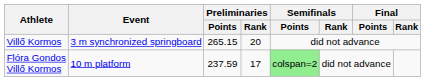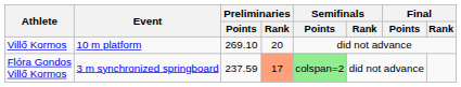 <table class=wikitable style="font-size:90%;">
 <tr>
 <th rowspan="2">Athlete</th>
 <th rowspan="2">Event</th>
 <th colspan="2">Preliminaries</th>
 <th colspan="2">Semifinals</th>
 <th colspan="2">Final</th>
 </tr>
 <tr style="font-size:95%">
 <th>Points</th>
 <th>Rank</th>
 <th>Points</th>
 <th>Rank</th>
 <th>Points</th>
 <th>Rank</th>
 </tr>
 <tr align=center>
 <td align=left><a href='#'>Villő Kormos</a></td>
-<td align=left><a href='#'>3 m synchronized springboard</a></td>
-<td>265.15</td>
+<td align=left><a href='#'>10 m platform</a></td>
+<td>269.10</td>
 <td>20</td>
 <td colspan=4>did not advance</td>
 </tr>
 <tr align=center>
 <td align=left><a href='#'>Flóra Gondos</a><br><a href='#'>Villő Kormos</a></td>
-<td align=left><a href='#'>10 m platform</a></td>
+<td align=left><a href='#'>3 m synchronized springboard</a></td>
 <td>237.59</td>
-<td>17</td>
+<td style="background: lightsalmon;">17</td>
 <td style="background: lightgreen;">colspan=2 </td>
 <td colspan=2>did not advance</td>
 </tr>
 </table>
